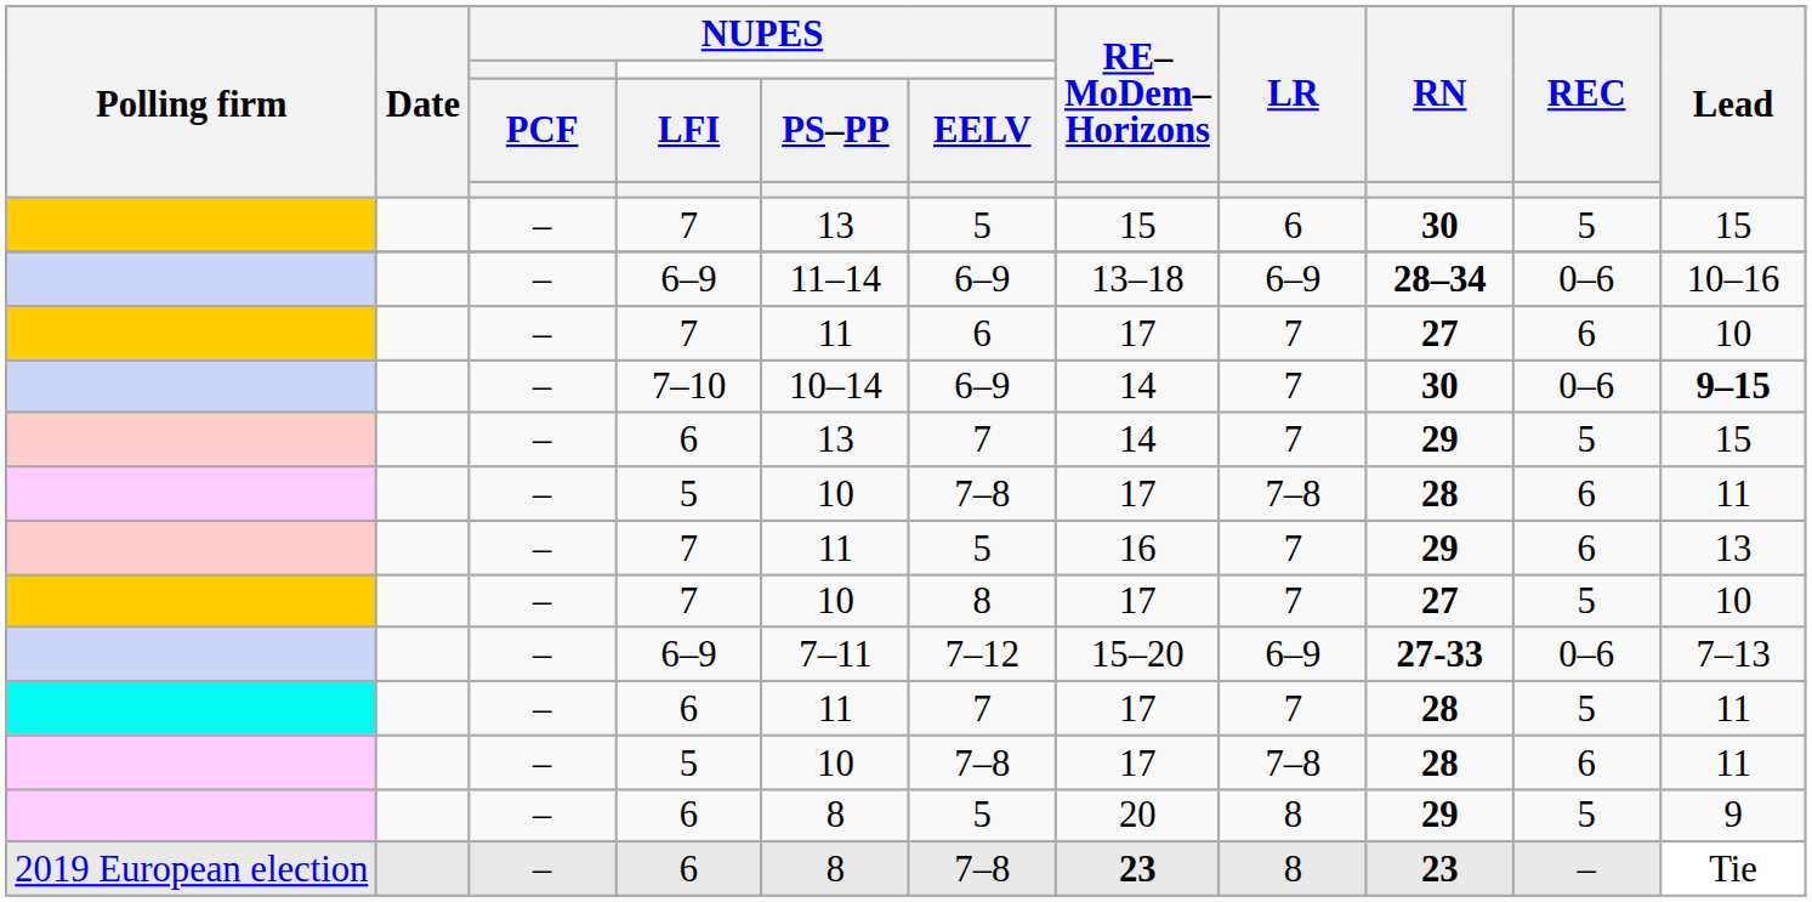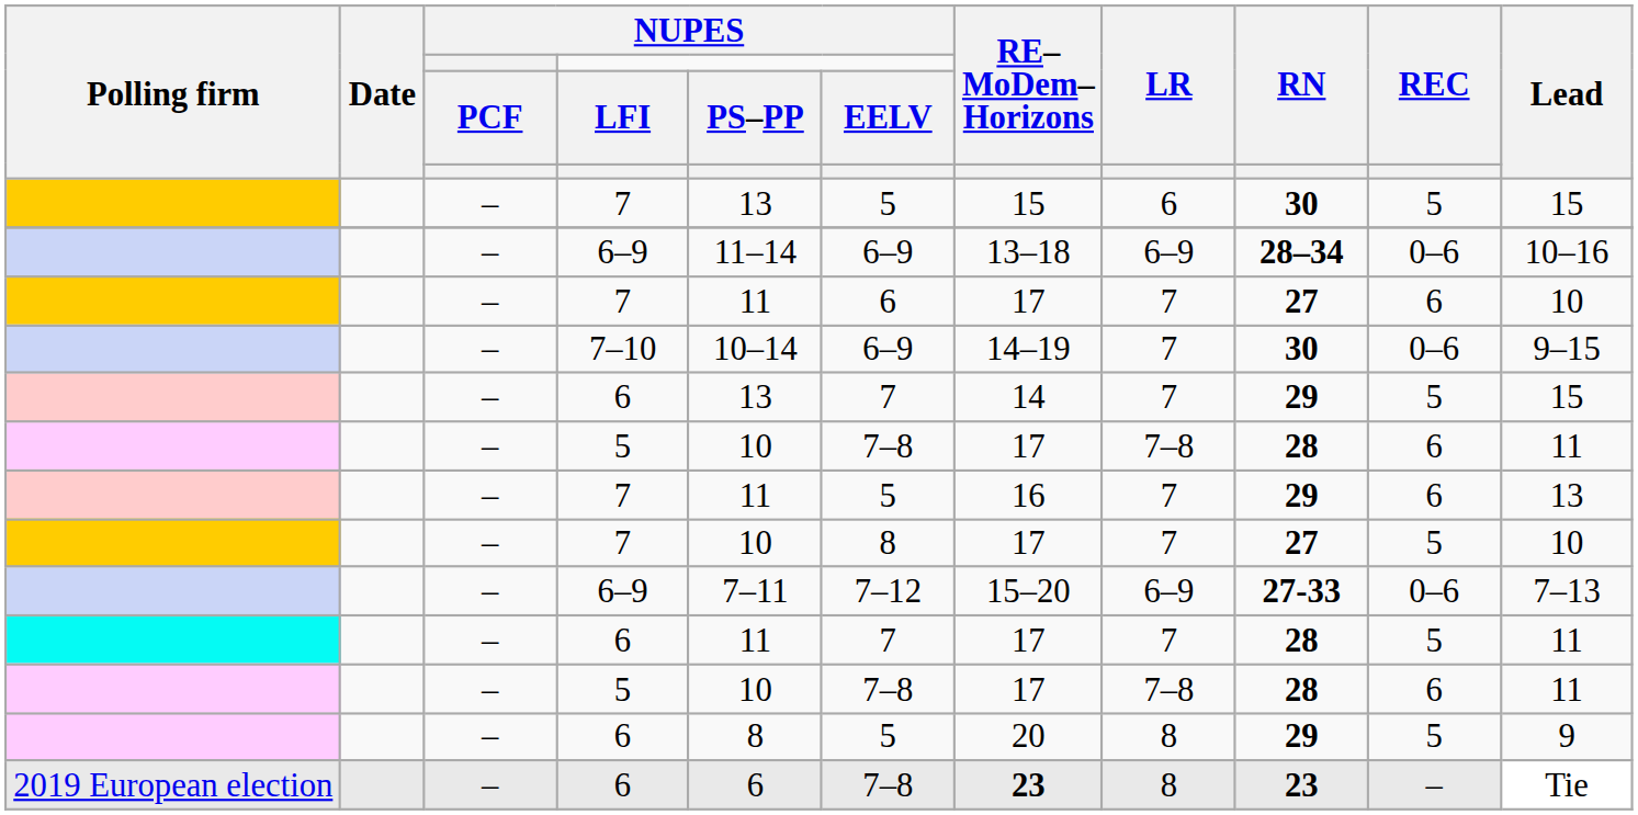 <table class="wikitable sortable" style="text-align:center;font-size:90%;line-height:14px;">
 <tr>
 <th rowspan="4">Polling firm</th>
 <th rowspan="4">Date</th>
 <th colspan="4"><a href='#'>NUPES</a></th>
 <th rowspan="3"style="width:50px;"><a href='#'>RE</a>–<br><a href='#'>MoDem</a>–<br><a href='#'>Horizons</a><br></th>
 <th rowspan="3"style="width:50px;"><a href='#'>LR</a><br></th>
 <th rowspan="3"style="width:50px;"><a href='#'>RN</a><br></th>
 <th rowspan="3"style="width:50px;"><a href='#'>REC</a><br></th>
 <th rowspan="4"style="width:50px;">Lead</th>
 </tr>
 <tr>
 <th style="background:"></th>
 </tr>
 <tr style="height:40px;">
 <th class="unsortable" style="width:50px;"><a href='#'>PCF</a><br></th>
 <th class="unsortable" style="width:50px;"><a href='#'>LFI</a><br></th>
 <th class="unsortable" style="width:50px;"><a href='#'>PS</a>–<a href='#'>PP</a><br></th>
 <th class="unsortable" style="width:50px;"><a href='#'>EELV</a><br></th>
 </tr>
 <tr>
 <th style="background:"></th>
 <th style="background:"></th>
 <th style="background:"></th>
 <th style="background:"></th>
 <th style="background:"></th>
 <th style="background:"></th>
 <th style="background:"></th>
 <th style="background:"></th>
 </tr>
 <tr>
 <td style="background:#ffcc00;"></td>
 <td></td>
 <td>–</td>
 <td>7</td>
 <td>13</td>
 <td>5</td>
 <td>15</td>
 <td>6</td>
 <td style="background-color:#"><strong>30</strong></td>
 <td>5</td>
 <td style="background-color:">15</td>
 </tr>
 <tr>
 </tr>
 <tr>
 <td style="background:#CAD5F7;"></td>
 <td></td>
 <td>–</td>
 <td>6–9</td>
 <td>11–14</td>
 <td>6–9</td>
 <td>13–18</td>
 <td>6–9</td>
 <td style="background-color:#"><strong>28–34</strong></td>
 <td>0–6</td>
 <td style="background-color:">10–16</td>
 </tr>
 <tr>
 <td style="background:#ffcc00;"></td>
 <td></td>
 <td>–</td>
 <td>7</td>
 <td>11</td>
 <td>6</td>
 <td>17</td>
 <td>7</td>
 <td style="background-color:#"><strong>27</strong></td>
 <td>6</td>
 <td style="background-color:">10</td>
 </tr>
 <tr>
 <td style="background:#CAD5F7;"></td>
 <td></td>
 <td>–</td>
 <td>7–10</td>
 <td>10–14</td>
 <td>6–9</td>
-<td>14</td>
+<td>14–19</td>
 <td>7</td>
 <td style="background-color:#"><strong>30</strong></td>
 <td>0–6</td>
-<td style="background-color:"><strong>9–15</strong></td>
+<td style="background-color:">9–15</td>
 </tr>
 <tr>
 <td style="background:#FFCCCC"></td>
 <td></td>
 <td>–</td>
 <td>6</td>
 <td>13</td>
 <td>7</td>
 <td>14</td>
 <td>7</td>
 <td style="background-color:#"><strong>29</strong></td>
 <td>5</td>
 <td style="background-color:">15</td>
 </tr>
 <tr>
 <td style="background:#FFCCFF;"></td>
 <td></td>
 <td>–</td>
 <td>5</td>
 <td>10</td>
 <td>7–8</td>
 <td>17</td>
 <td>7–8</td>
 <td style="background-color:#"><strong>28</strong></td>
 <td>6</td>
 <td style="background-color:">11</td>
 </tr>
 <tr>
 <td style="background:#FFCCCC"></td>
 <td></td>
 <td>–</td>
 <td>7</td>
 <td>11</td>
 <td>5</td>
 <td>16</td>
 <td>7</td>
 <td style="background-color:#"><strong>29</strong></td>
 <td>6</td>
 <td style="background-color:">13</td>
 </tr>
 <tr>
 <td style="background:#ffcc00;"></td>
 <td></td>
 <td>–</td>
 <td>7</td>
 <td>10</td>
 <td>8</td>
 <td>17</td>
 <td>7</td>
 <td style="background-color:#"><strong>27</strong></td>
 <td>5</td>
 <td style="background-color:">10</td>
 </tr>
 <tr>
 <td style="background:#CAD5F7;"></td>
 <td></td>
 <td>–</td>
 <td>6–9</td>
 <td>7–11</td>
 <td>7–12</td>
 <td>15–20</td>
 <td>6–9</td>
 <td style="background-color:#"><strong>27-33</strong></td>
 <td>0–6</td>
 <td style="background-color:">7–13</td>
 </tr>
 <tr>
 <td style="background:#04FBF4;"></td>
 <td></td>
 <td>–</td>
 <td>6</td>
 <td>11</td>
 <td>7</td>
 <td>17</td>
 <td>7</td>
 <td style="background-color:#"><strong>28</strong></td>
 <td>5</td>
 <td style="background-color:">11</td>
 </tr>
 <tr>
 <td style="background:#FFCCFF;"></td>
 <td></td>
 <td>–</td>
 <td>5</td>
 <td>10</td>
 <td>7–8</td>
 <td>17</td>
 <td>7–8</td>
 <td style="background-color:#"><strong>28</strong></td>
 <td>6</td>
 <td style="background-color:">11</td>
 </tr>
 <tr>
 <td style="background:#FFCCFF;"></td>
 <td></td>
 <td>–</td>
 <td>6</td>
 <td>8</td>
 <td>5</td>
 <td>20</td>
 <td>8</td>
 <td style="background-color:#"><strong>29</strong></td>
 <td>5</td>
 <td style="background-color:">9</td>
 </tr>
 <tr style="background:#E9E9E9;">
 <td><a href='#'>2019 European election</a></td>
 <td></td>
 <td>–</td>
 <td>6</td>
-<td>8</td>
+<td>6</td>
 <td>7–8</td>
 <td style="background-color:#"><strong>23</strong></td>
 <td>8</td>
 <td style="background-color:#"><strong>23</strong></td>
 <td>–</td>
 <td style="background-color:#ffffff;">Tie</td>
 </tr>
 </table>
